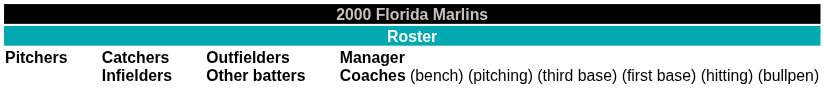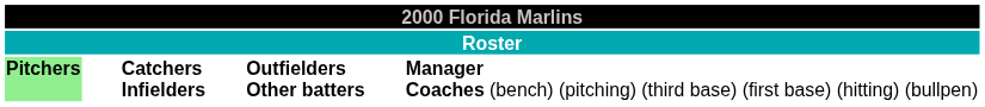 <table class="toccolours" style="font-size: 95%;">
 <tr>
 <th colspan="10" style="background-color: #000000; color: #C9C0BB; text-align: center;">2000 Florida Marlins</th>
 </tr>
 <tr>
 <td colspan="10" style="background-color: #00a8b0; color: white; text-align: center;"><strong>Roster</strong></td>
 </tr>
 <tr>
-<td valign="top"><strong>Pitchers</strong><br>                 </td>
+<td valign="top" style="background: lightgreen;"><strong>Pitchers</strong><br>                 </td>
 <td width="25px"></td>
 <td valign="top"><strong>Catchers</strong><br>    <strong>Infielders</strong>          </td>
 <td width="25px"></td>
 <td valign="top"><strong>Outfielders</strong><br>       <strong>Other batters</strong> </td>
 <td width="25px"></td>
 <td valign="top"><strong>Manager</strong><br> <strong>Coaches</strong>  (bench)  (pitching)  (third base)  (first base)  (hitting)  (bullpen)</td>
 </tr>
 <tr>
 </tr>
 </table>
